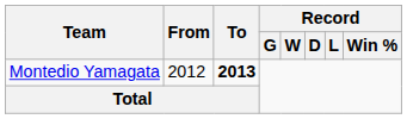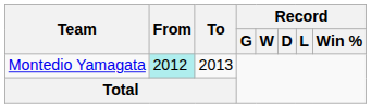 <table class="wikitable" style="text-align: center">
 <tr>
 <th rowspan="2">Team</th>
 <th rowspan="2">From</th>
 <th rowspan="2">To</th>
 <th colspan="5">Record</th>
 </tr>
 <tr>
 <th>G</th>
 <th>W</th>
 <th>D</th>
 <th>L</th>
 <th>Win %</th>
 </tr>
 <tr>
 <td align="left"><a href='#'>Montedio Yamagata</a></td>
-<td align="left">2012</td>
-<td align="left"><strong>2013<br></strong></td>
+<td align="left" style="background: paleturquoise;">2012</td>
+<td align="left">2013<br></td>
 </tr>
 <tr>
 <th colspan="3">Total<br></th>
 </tr>
 </table>
